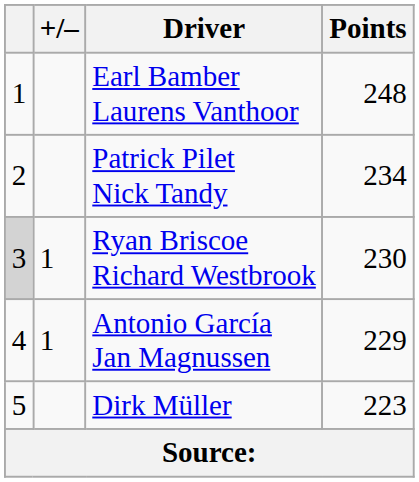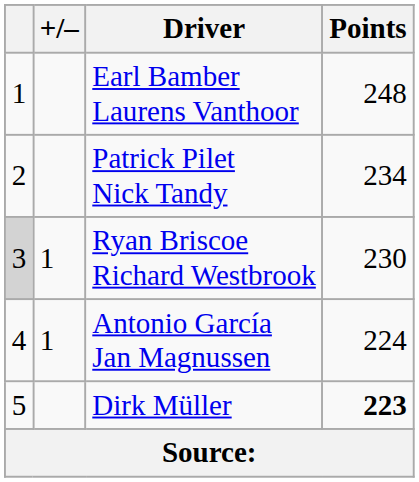 <table class="wikitable" style="font-size: 95%;">
 <tr>
 <th scope="col"></th>
 <th scope="col">+/–</th>
 <th scope="col">Driver</th>
 <th scope="col">Points</th>
 </tr>
 <tr>
 <td align=center>1</td>
 <td align="left"></td>
 <td> <a href='#'>Earl Bamber</a><br> <a href='#'>Laurens Vanthoor</a></td>
 <td align=right>248</td>
 </tr>
 <tr>
 <td align=center>2</td>
 <td align="left"></td>
 <td> <a href='#'>Patrick Pilet</a><br> <a href='#'>Nick Tandy</a></td>
 <td align=right>234</td>
 </tr>
 <tr>
 <td align=center style="background: lightgrey;">3</td>
 <td align="left"> 1</td>
 <td> <a href='#'>Ryan Briscoe</a><br> <a href='#'>Richard Westbrook</a></td>
 <td align=right>230</td>
 </tr>
 <tr>
 <td align=center>4</td>
 <td align="left"> 1</td>
 <td> <a href='#'>Antonio García</a><br> <a href='#'>Jan Magnussen</a></td>
-<td align=right>229</td>
+<td align=right>224</td>
 </tr>
 <tr>
 <td align=center>5</td>
 <td align="left"></td>
 <td> <a href='#'>Dirk Müller</a></td>
-<td align=right>223</td>
+<td align=right><strong>223</strong></td>
 </tr>
 <tr>
 <th colspan=5>Source:</th>
 </tr>
 </table>
